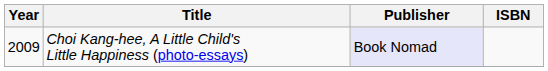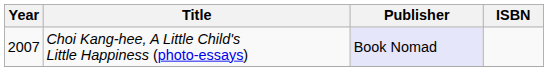 <table class="wikitable" style="width:600px">
 <tr>
 <th width=10>Year</th>
 <th>Title</th>
 <th>Publisher</th>
 <th>ISBN</th>
 </tr>
 <tr>
-<td>2009</td>
+<td>2007</td>
 <td><em>Choi Kang-hee, A Little Child's <br> Little Happiness</em> (<a href='#'>photo-essays</a>)</td>
 <td style="background: lavender;">Book Nomad</td>
 <td></td>
 </tr>
 <tr>
 </tr>
 </table>
